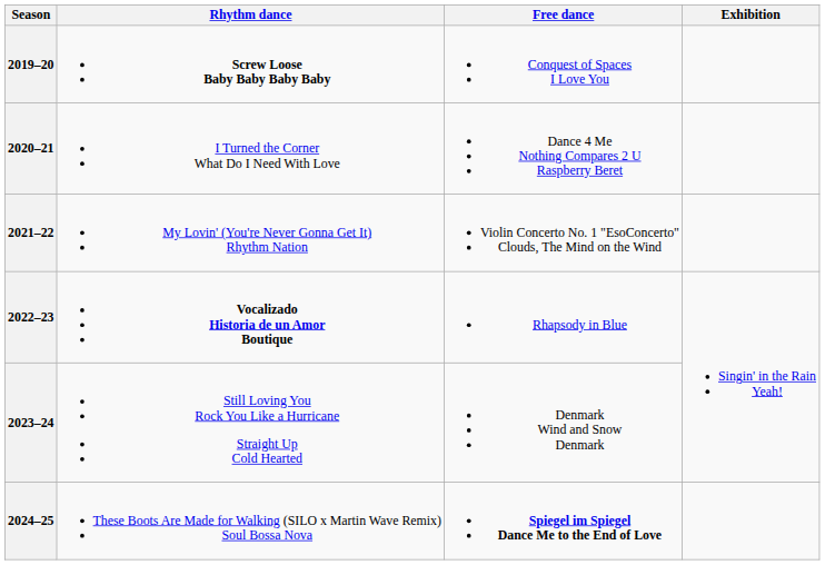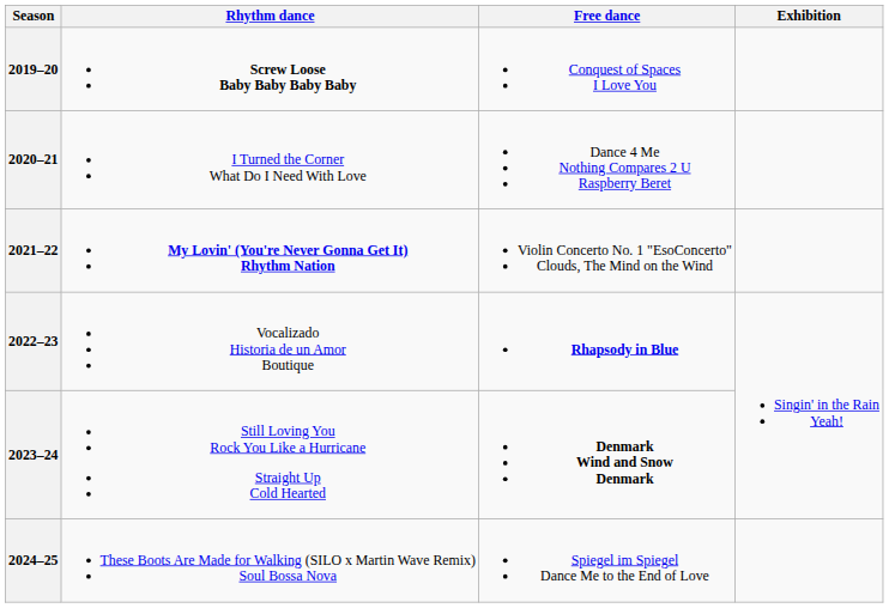 <table class=wikitable style=text-align:center>
 <tr>
 <th>Season</th>
 <th><a href='#'>Rhythm dance</a></th>
 <th><a href='#'>Free dance</a></th>
 <th>Exhibition</th>
 </tr>
 <tr>
 <th>2019–20 <br> </th>
 <td><strong><br><ul><li> Screw Loose <br> </li><li> Baby Baby Baby Baby <br> </li></ul></strong></td>
 <td><br><ul><li><a href='#'>Conquest of Spaces</a></li><li><a href='#'>I Love You</a> <br> </li></ul></td>
 <td></td>
 </tr>
 <tr>
 <th>2020–21 <br> </th>
 <td><br><ul><li> <a href='#'>I Turned the Corner</a> <br> </li><li> What Do I Need With Love <br> </li></ul></td>
 <td><br><ul><li>Dance 4 Me</li><li><a href='#'>Nothing Compares 2 U</a></li><li><a href='#'>Raspberry Beret</a> <br> </li></ul></td>
 <td></td>
 </tr>
 <tr>
 <th>2021–22 <br> </th>
-<td><br><ul><li><a href='#'>My Lovin' (You're Never Gonna Get It)</a> <br> </li><li><a href='#'>Rhythm Nation</a> <br> </li></ul></td>
+<td><strong><br><ul><li><a href='#'>My Lovin' (You're Never Gonna Get It)</a> <br> </li><li><a href='#'>Rhythm Nation</a> <br> </li></ul></strong></td>
 <td><br><ul><li>Violin Concerto No. 1 "EsoConcerto"</li><li>Clouds, The Mind on the Wind <br> </li></ul></td>
 <td></td>
 </tr>
 <tr>
 <th>2022–23 <br> </th>
-<td><strong><br><ul><li> Vocalizado <br> </li><li> <a href='#'>Historia de un Amor</a> <br> </li><li> Boutique <br> </li></ul></strong></td>
-<td><br><ul><li><a href='#'>Rhapsody in Blue</a> <br> </li></ul></td>
+<td><br><ul><li> Vocalizado <br> </li><li> <a href='#'>Historia de un Amor</a> <br> </li><li> Boutique <br> </li></ul></td>
+<td><strong><br><ul><li><a href='#'>Rhapsody in Blue</a> <br> </li></ul></strong></td>
 <td rowspan="2"><br><ul><li><a href='#'>Singin' in the Rain</a> <br></li><li><a href='#'>Yeah!</a> <br></li></ul></td>
 </tr>
 <tr>
 <th>2023–24 <br> </th>
 <td><br><ul><li><a href='#'>Still Loving You</a></li><li><a href='#'>Rock You Like a Hurricane</a> <br> </li></ul><ul><li><a href='#'>Straight Up</a> <br> </li><li><a href='#'>Cold Hearted</a> <br> </li></ul></td>
-<td><br><ul><li>Denmark <br> </li><li>Wind and Snow <br></li><li>Denmark <br> </li></ul></td>
+<td><strong><br><ul><li>Denmark <br> </li><li>Wind and Snow <br></li><li>Denmark <br> </li></ul></strong></td>
 </tr>
 <tr>
 <th>2024–25 <br> </th>
 <td><br><ul><li><a href='#'>These Boots Are Made for Walking</a> (SILO x Martin Wave Remix) <br> </li><li><a href='#'>Soul Bossa Nova</a> <br> </li></ul></td>
-<td><strong><br><ul><li><a href='#'>Spiegel im Spiegel</a> <br> </li><li>Dance Me to the End of Love <br> </li></ul></strong></td>
+<td><br><ul><li><a href='#'>Spiegel im Spiegel</a> <br> </li><li>Dance Me to the End of Love <br> </li></ul></td>
 </tr>
 </table>
